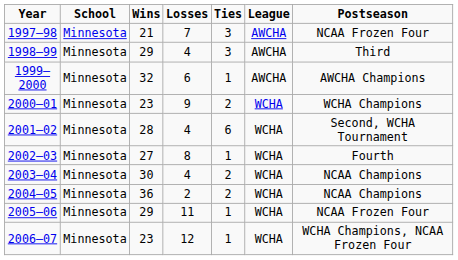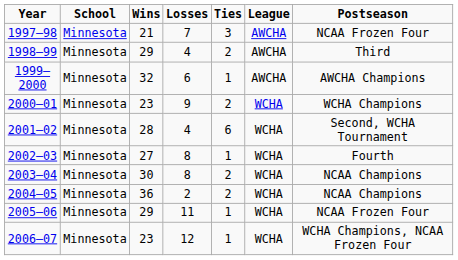 <table class="wikitable" width="80%">
 <tr align="center">
 <td><strong>Year</strong></td>
 <td><strong>School</strong></td>
 <td><strong>Wins</strong></td>
 <td><strong>Losses</strong></td>
 <td><strong>Ties</strong></td>
 <td><strong>League</strong></td>
 <td><strong>Postseason</strong></td>
 </tr>
 <tr align="center">
 <td><a href='#'>1997–98</a></td>
 <td><a href='#'>Minnesota</a></td>
 <td>21</td>
 <td>7</td>
 <td>3</td>
 <td><a href='#'>AWCHA</a></td>
 <td>NCAA Frozen Four</td>
 </tr>
 <tr align="center">
 <td><a href='#'>1998–99</a></td>
 <td>Minnesota</td>
 <td>29</td>
 <td>4</td>
-<td>3</td>
+<td>2</td>
 <td>AWCHA</td>
 <td>Third</td>
 </tr>
 <tr align="center">
 <td><a href='#'>1999–2000</a></td>
 <td>Minnesota</td>
 <td>32</td>
 <td>6</td>
 <td>1</td>
 <td>AWCHA</td>
 <td>AWCHA Champions</td>
 </tr>
 <tr align="center">
 <td><a href='#'>2000–01</a></td>
 <td>Minnesota</td>
 <td>23</td>
 <td>9</td>
 <td>2</td>
 <td><a href='#'>WCHA</a></td>
 <td>WCHA Champions</td>
 </tr>
 <tr align="center">
 <td><a href='#'>2001–02</a></td>
 <td>Minnesota</td>
 <td>28</td>
 <td>4</td>
 <td>6</td>
 <td>WCHA</td>
 <td>Second, WCHA Tournament</td>
 </tr>
 <tr align="center">
 <td><a href='#'>2002–03</a></td>
 <td>Minnesota</td>
 <td>27</td>
 <td>8</td>
 <td>1</td>
 <td>WCHA</td>
 <td>Fourth</td>
 </tr>
 <tr align="center">
 <td><a href='#'>2003–04</a></td>
 <td>Minnesota</td>
 <td>30</td>
-<td>4</td>
+<td>8</td>
 <td>2</td>
 <td>WCHA</td>
 <td>NCAA Champions</td>
 </tr>
 <tr align="center">
 <td><a href='#'>2004–05</a></td>
 <td>Minnesota</td>
 <td>36</td>
 <td>2</td>
 <td>2</td>
 <td>WCHA</td>
 <td>NCAA Champions</td>
 </tr>
 <tr align="center">
 <td><a href='#'>2005–06</a></td>
 <td>Minnesota</td>
 <td>29</td>
 <td>11</td>
 <td>1</td>
 <td>WCHA</td>
 <td>NCAA Frozen Four</td>
 </tr>
 <tr align="center">
 <td><a href='#'>2006–07</a></td>
 <td>Minnesota</td>
 <td>23</td>
 <td>12</td>
 <td>1</td>
 <td>WCHA</td>
 <td>WCHA Champions, NCAA Frozen Four</td>
 </tr>
 </table>
